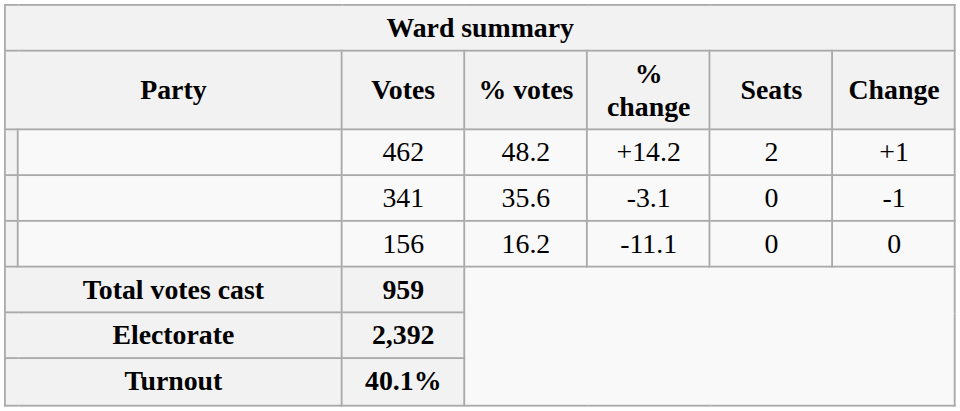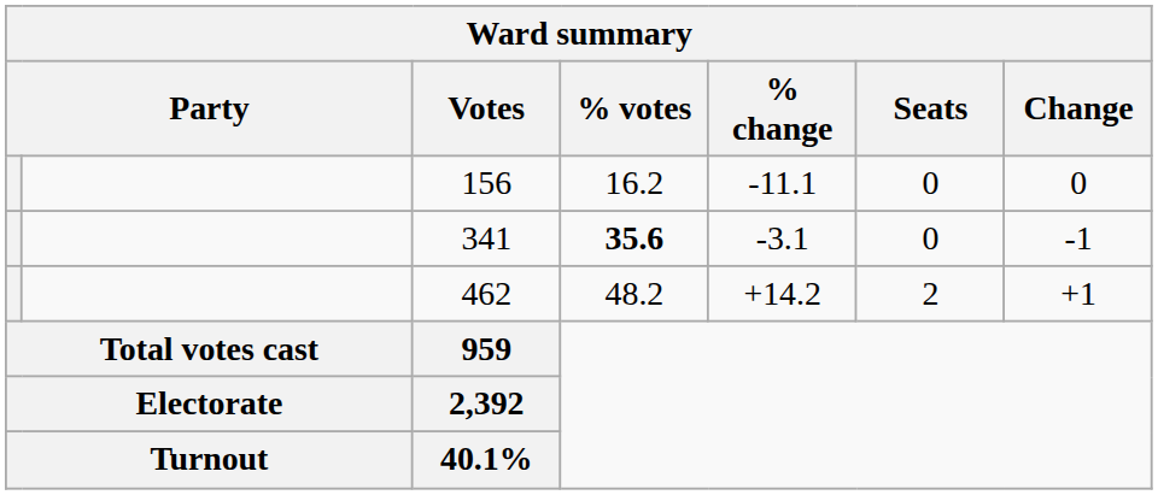 <table class="wikitable" style="font-size: 95%;">
 <tr>
 <th colspan="7">Ward summary</th>
 </tr>
 <tr>
 <th colspan="2">Party</th>
 <th style="width: 60px">Votes</th>
 <th style="width: 60px">% votes</th>
 <th style="width: 60px">% change</th>
 <th style="width: 60px">Seats</th>
 <th style="width: 60px">Change</th>
 </tr>
 <tr>
 <th style="background-color: "></th>
 <td style="width: 170px"><a href='#'></a></td>
-<td align="center">462</td>
-<td align="center">48.2</td>
-<td align="center">+14.2</td>
-<td align="center">2</td>
-<td align="center">+1</td>
+<td align="center">156</td>
+<td align="center">16.2</td>
+<td align="center">-11.1</td>
+<td align="center">0</td>
+<td align="center">0</td>
 </tr>
 <tr>
 <th style="background-color: "></th>
 <td style="width: 170px"><a href='#'></a></td>
 <td align="center">341</td>
-<td align="center">35.6</td>
+<td align="center"><strong>35.6</strong></td>
 <td align="center">-3.1</td>
 <td align="center">0</td>
 <td align="center">-1</td>
 </tr>
 <tr>
 <th style="background-color: "></th>
 <td style="width: 170px"><a href='#'></a></td>
-<td align="center">156</td>
-<td align="center">16.2</td>
-<td align="center">-11.1</td>
-<td align="center">0</td>
-<td align="center">0</td>
+<td align="center">462</td>
+<td align="center">48.2</td>
+<td align="center">+14.2</td>
+<td align="center">2</td>
+<td align="center">+1</td>
 </tr>
 <tr style="background-color:#E9E9E9">
 <th colspan="2">Total votes cast</th>
 <th style="width: 60px">959</th>
 </tr>
 <tr style="background-color:#E9E9E9">
 <th colspan="2">Electorate</th>
 <th style="width: 60px">2,392</th>
 </tr>
 <tr style="background-color:#E9E9E9">
 <th colspan="2">Turnout</th>
 <th style="width: 60px">40.1%</th>
 </tr>
 </table>
